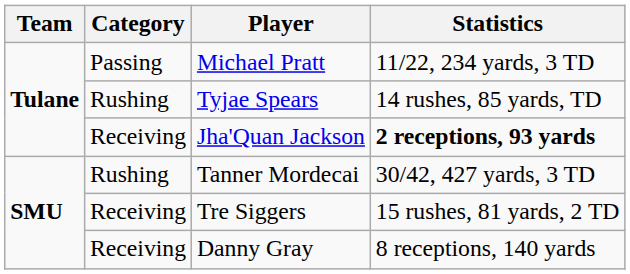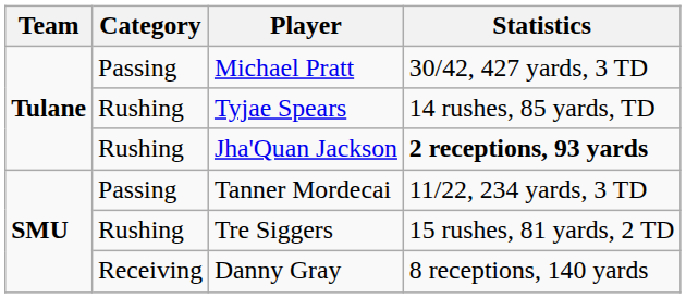 <table class="wikitable" style="float: left;">
 <tr>
 <th>Team</th>
 <th>Category</th>
 <th>Player</th>
 <th>Statistics</th>
 </tr>
 <tr>
 <td rowspan=3><strong>Tulane</strong></td>
 <td>Passing</td>
 <td><a href='#'>Michael Pratt</a></td>
-<td>11/22, 234 yards, 3 TD</td>
+<td>30/42, 427 yards, 3 TD</td>
 </tr>
 <tr>
 <td>Rushing</td>
 <td><a href='#'>Tyjae Spears</a></td>
 <td>14 rushes, 85 yards, TD</td>
 </tr>
 <tr>
-<td>Receiving</td>
+<td>Rushing</td>
 <td><a href='#'>Jha'Quan Jackson</a></td>
 <td><strong>2 receptions, 93 yards</strong></td>
 </tr>
 <tr>
 <td rowspan=3><strong>SMU</strong></td>
-<td>Rushing</td>
+<td>Passing</td>
 <td>Tanner Mordecai</td>
-<td>30/42, 427 yards, 3 TD</td>
+<td>11/22, 234 yards, 3 TD</td>
 </tr>
 <tr>
-<td>Receiving</td>
+<td>Rushing</td>
 <td>Tre Siggers</td>
 <td>15 rushes, 81 yards, 2 TD</td>
 </tr>
 <tr>
 <td>Receiving</td>
 <td>Danny Gray</td>
 <td>8 receptions, 140 yards</td>
 </tr>
 </table>
